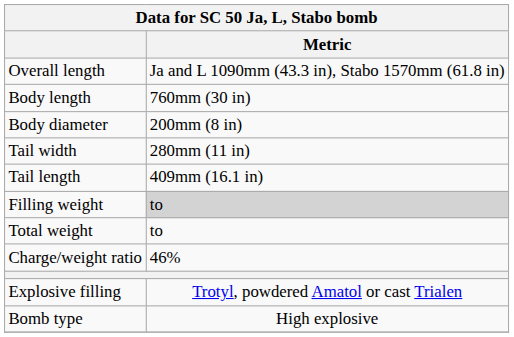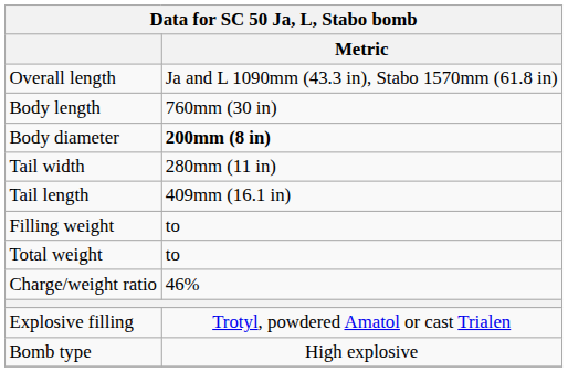 <table class="wikitable" style="margin-right: auto; margin-right: 0px;">
 <tr>
 <th colspan = "4">Data for <strong>SC 50 Ja, L, Stabo</strong> bomb</th>
 </tr>
 <tr>
 <th colspan = "1"></th>
 <th colspan = "1">Metric</th>
 </tr>
 <tr>
 <td>Overall length</td>
 <td>Ja and L 1090mm (43.3 in), Stabo 1570mm (61.8 in)</td>
 </tr>
 <tr>
 <td>Body length</td>
 <td>760mm (30 in)</td>
 </tr>
 <tr>
 <td>Body diameter</td>
-<td>200mm (8 in)</td>
+<td><strong>200mm (8 in)</strong></td>
 </tr>
 <tr>
 <td>Tail width</td>
 <td>280mm (11 in)</td>
 </tr>
 <tr>
 <td>Tail length</td>
 <td>409mm (16.1 in)</td>
 </tr>
 <tr>
 <td>Filling weight</td>
-<td style="background: lightgrey;"> to </td>
+<td> to </td>
 </tr>
 <tr>
 <td>Total weight</td>
 <td> to </td>
 </tr>
 <tr>
 <td>Charge/weight ratio</td>
 <td>46%</td>
 </tr>
 <tr>
 <th colspan = "3"></th>
 </tr>
 <tr>
 <td>Explosive filling</td>
 <td colspan="2;" style="text-align:center;"><a href='#'>Trotyl</a>, powdered <a href='#'>Amatol</a> or cast <a href='#'>Trialen</a></td>
 </tr>
 <tr>
 <td>Bomb type</td>
 <td colspan="2;" style="text-align:center;">High explosive</td>
 </tr>
 <tr>
 </tr>
 </table>
